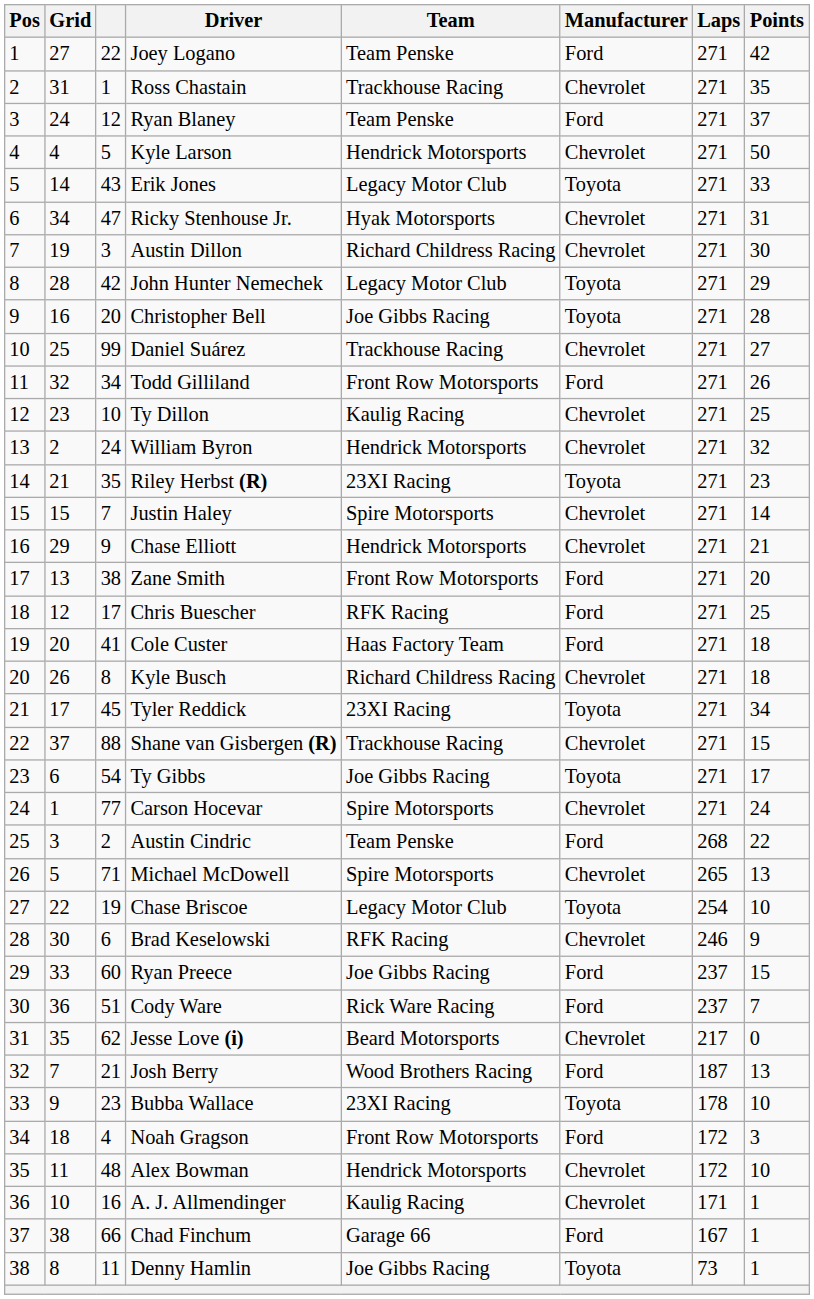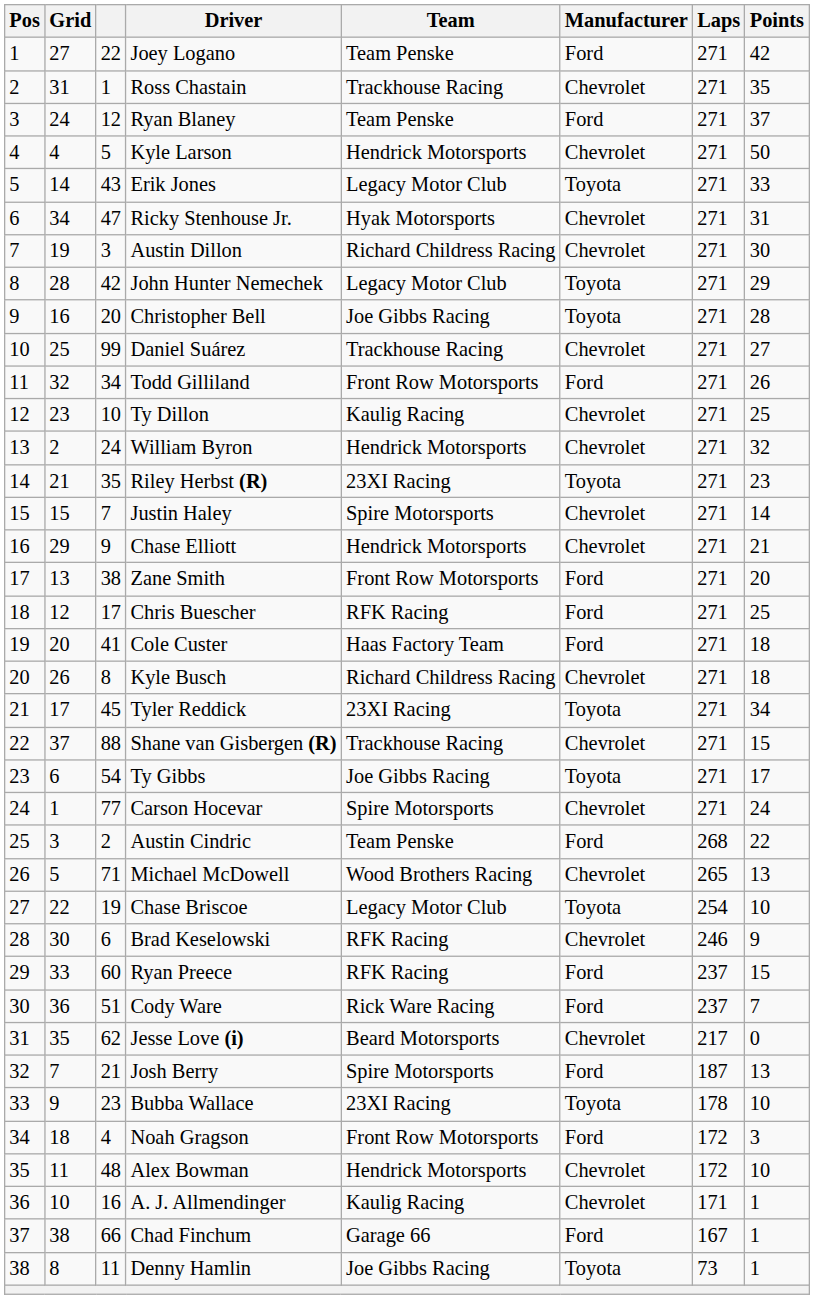 <table class="wikitable" style="font-size:98%">
 <tr>
 <th>Pos</th>
 <th>Grid</th>
 <th></th>
 <th>Driver</th>
 <th>Team</th>
 <th>Manufacturer</th>
 <th>Laps</th>
 <th>Points</th>
 </tr>
 <tr>
 <td>1</td>
 <td>27</td>
 <td>22</td>
 <td>Joey Logano</td>
 <td>Team Penske</td>
 <td>Ford</td>
 <td>271</td>
 <td>42</td>
 </tr>
 <tr>
 <td>2</td>
 <td>31</td>
 <td>1</td>
 <td>Ross Chastain</td>
 <td>Trackhouse Racing</td>
 <td>Chevrolet</td>
 <td>271</td>
 <td>35</td>
 </tr>
 <tr>
 <td>3</td>
 <td>24</td>
 <td>12</td>
 <td>Ryan Blaney</td>
 <td>Team Penske</td>
 <td>Ford</td>
 <td>271</td>
 <td>37</td>
 </tr>
 <tr>
 <td>4</td>
 <td>4</td>
 <td>5</td>
 <td>Kyle Larson</td>
 <td>Hendrick Motorsports</td>
 <td>Chevrolet</td>
 <td>271</td>
 <td>50</td>
 </tr>
 <tr>
 <td>5</td>
 <td>14</td>
 <td>43</td>
 <td>Erik Jones</td>
 <td>Legacy Motor Club</td>
 <td>Toyota</td>
 <td>271</td>
 <td>33</td>
 </tr>
 <tr>
 <td>6</td>
 <td>34</td>
 <td>47</td>
 <td>Ricky Stenhouse Jr.</td>
 <td>Hyak Motorsports</td>
 <td>Chevrolet</td>
 <td>271</td>
 <td>31</td>
 </tr>
 <tr>
 <td>7</td>
 <td>19</td>
 <td>3</td>
 <td>Austin Dillon</td>
 <td>Richard Childress Racing</td>
 <td>Chevrolet</td>
 <td>271</td>
 <td>30</td>
 </tr>
 <tr>
 <td>8</td>
 <td>28</td>
 <td>42</td>
 <td>John Hunter Nemechek</td>
 <td>Legacy Motor Club</td>
 <td>Toyota</td>
 <td>271</td>
 <td>29</td>
 </tr>
 <tr>
 <td>9</td>
 <td>16</td>
 <td>20</td>
 <td>Christopher Bell</td>
 <td>Joe Gibbs Racing</td>
 <td>Toyota</td>
 <td>271</td>
 <td>28</td>
 </tr>
 <tr>
 <td>10</td>
 <td>25</td>
 <td>99</td>
 <td>Daniel Suárez</td>
 <td>Trackhouse Racing</td>
 <td>Chevrolet</td>
 <td>271</td>
 <td>27</td>
 </tr>
 <tr>
 <td>11</td>
 <td>32</td>
 <td>34</td>
 <td>Todd Gilliland</td>
 <td>Front Row Motorsports</td>
 <td>Ford</td>
 <td>271</td>
 <td>26</td>
 </tr>
 <tr>
 <td>12</td>
 <td>23</td>
 <td>10</td>
 <td>Ty Dillon</td>
 <td>Kaulig Racing</td>
 <td>Chevrolet</td>
 <td>271</td>
 <td>25</td>
 </tr>
 <tr>
 <td>13</td>
 <td>2</td>
 <td>24</td>
 <td>William Byron</td>
 <td>Hendrick Motorsports</td>
 <td>Chevrolet</td>
 <td>271</td>
 <td>32</td>
 </tr>
 <tr>
 <td>14</td>
 <td>21</td>
 <td>35</td>
 <td>Riley Herbst <strong>(R)</strong></td>
 <td>23XI Racing</td>
 <td>Toyota</td>
 <td>271</td>
 <td>23</td>
 </tr>
 <tr>
 <td>15</td>
 <td>15</td>
 <td>7</td>
 <td>Justin Haley</td>
 <td>Spire Motorsports</td>
 <td>Chevrolet</td>
 <td>271</td>
 <td>14</td>
 </tr>
 <tr>
 <td>16</td>
 <td>29</td>
 <td>9</td>
 <td>Chase Elliott</td>
 <td>Hendrick Motorsports</td>
 <td>Chevrolet</td>
 <td>271</td>
 <td>21</td>
 </tr>
 <tr>
 <td>17</td>
 <td>13</td>
 <td>38</td>
 <td>Zane Smith</td>
 <td>Front Row Motorsports</td>
 <td>Ford</td>
 <td>271</td>
 <td>20</td>
 </tr>
 <tr>
 <td>18</td>
 <td>12</td>
 <td>17</td>
 <td>Chris Buescher</td>
 <td>RFK Racing</td>
 <td>Ford</td>
 <td>271</td>
 <td>25</td>
 </tr>
 <tr>
 <td>19</td>
 <td>20</td>
 <td>41</td>
 <td>Cole Custer</td>
 <td>Haas Factory Team</td>
 <td>Ford</td>
 <td>271</td>
 <td>18</td>
 </tr>
 <tr>
 <td>20</td>
 <td>26</td>
 <td>8</td>
 <td>Kyle Busch</td>
 <td>Richard Childress Racing</td>
 <td>Chevrolet</td>
 <td>271</td>
 <td>18</td>
 </tr>
 <tr>
 <td>21</td>
 <td>17</td>
 <td>45</td>
 <td>Tyler Reddick</td>
 <td>23XI Racing</td>
 <td>Toyota</td>
 <td>271</td>
 <td>34</td>
 </tr>
 <tr>
 <td>22</td>
 <td>37</td>
 <td>88</td>
 <td>Shane van Gisbergen <strong>(R)</strong></td>
 <td>Trackhouse Racing</td>
 <td>Chevrolet</td>
 <td>271</td>
 <td>15</td>
 </tr>
 <tr>
 <td>23</td>
 <td>6</td>
 <td>54</td>
 <td>Ty Gibbs</td>
 <td>Joe Gibbs Racing</td>
 <td>Toyota</td>
 <td>271</td>
 <td>17</td>
 </tr>
 <tr>
 <td>24</td>
 <td>1</td>
 <td>77</td>
 <td>Carson Hocevar</td>
 <td>Spire Motorsports</td>
 <td>Chevrolet</td>
 <td>271</td>
 <td>24</td>
 </tr>
 <tr>
 <td>25</td>
 <td>3</td>
 <td>2</td>
 <td>Austin Cindric</td>
 <td>Team Penske</td>
 <td>Ford</td>
 <td>268</td>
 <td>22</td>
 </tr>
 <tr>
 <td>26</td>
 <td>5</td>
 <td>71</td>
 <td>Michael McDowell</td>
-<td>Spire Motorsports</td>
+<td>Wood Brothers Racing</td>
 <td>Chevrolet</td>
 <td>265</td>
 <td>13</td>
 </tr>
 <tr>
 <td>27</td>
 <td>22</td>
 <td>19</td>
 <td>Chase Briscoe</td>
 <td>Legacy Motor Club</td>
 <td>Toyota</td>
 <td>254</td>
 <td>10</td>
 </tr>
 <tr>
 <td>28</td>
 <td>30</td>
 <td>6</td>
 <td>Brad Keselowski</td>
 <td>RFK Racing</td>
 <td>Chevrolet</td>
 <td>246</td>
 <td>9</td>
 </tr>
 <tr>
 <td>29</td>
 <td>33</td>
 <td>60</td>
 <td>Ryan Preece</td>
-<td>Joe Gibbs Racing</td>
+<td>RFK Racing</td>
 <td>Ford</td>
 <td>237</td>
 <td>15</td>
 </tr>
 <tr>
 <td>30</td>
 <td>36</td>
 <td>51</td>
 <td>Cody Ware</td>
 <td>Rick Ware Racing</td>
 <td>Ford</td>
 <td>237</td>
 <td>7</td>
 </tr>
 <tr>
 <td>31</td>
 <td>35</td>
 <td>62</td>
 <td>Jesse Love <strong>(i)</strong></td>
 <td>Beard Motorsports</td>
 <td>Chevrolet</td>
 <td>217</td>
 <td>0</td>
 </tr>
 <tr>
 <td>32</td>
 <td>7</td>
 <td>21</td>
 <td>Josh Berry</td>
-<td>Wood Brothers Racing</td>
+<td>Spire Motorsports</td>
 <td>Ford</td>
 <td>187</td>
 <td>13</td>
 </tr>
 <tr>
 <td>33</td>
 <td>9</td>
 <td>23</td>
 <td>Bubba Wallace</td>
 <td>23XI Racing</td>
 <td>Toyota</td>
 <td>178</td>
 <td>10</td>
 </tr>
 <tr>
 <td>34</td>
 <td>18</td>
 <td>4</td>
 <td>Noah Gragson</td>
 <td>Front Row Motorsports</td>
 <td>Ford</td>
 <td>172</td>
 <td>3</td>
 </tr>
 <tr>
 <td>35</td>
 <td>11</td>
 <td>48</td>
 <td>Alex Bowman</td>
 <td>Hendrick Motorsports</td>
 <td>Chevrolet</td>
 <td>172</td>
 <td>10</td>
 </tr>
 <tr>
 <td>36</td>
 <td>10</td>
 <td>16</td>
 <td>A. J. Allmendinger</td>
 <td>Kaulig Racing</td>
 <td>Chevrolet</td>
 <td>171</td>
 <td>1</td>
 </tr>
 <tr>
 <td>37</td>
 <td>38</td>
 <td>66</td>
 <td>Chad Finchum</td>
 <td>Garage 66</td>
 <td>Ford</td>
 <td>167</td>
 <td>1</td>
 </tr>
 <tr>
 <td>38</td>
 <td>8</td>
 <td>11</td>
 <td>Denny Hamlin</td>
 <td>Joe Gibbs Racing</td>
 <td>Toyota</td>
 <td>73</td>
 <td>1</td>
 </tr>
 <tr>
 <th colspan="8"></th>
 </tr>
 </table>
